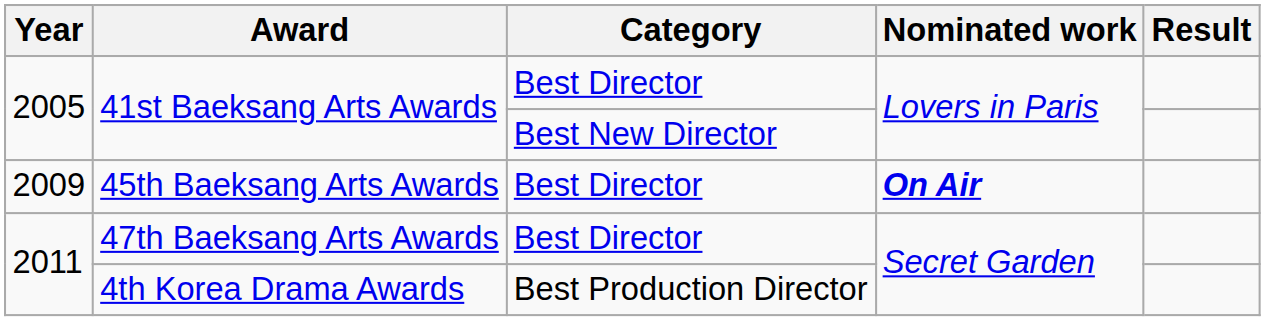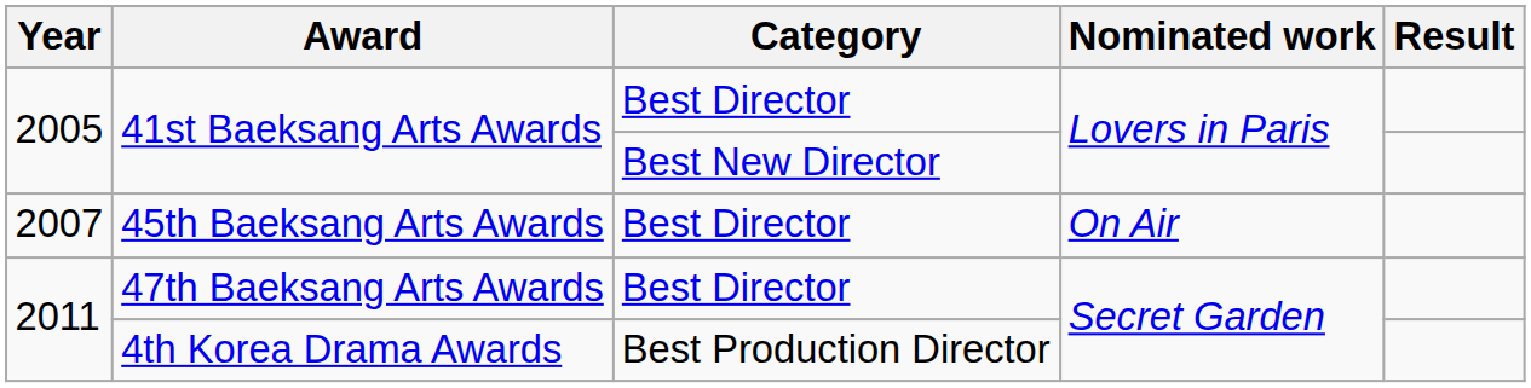 <table class="wikitable">
 <tr>
 <th>Year</th>
 <th>Award</th>
 <th>Category</th>
 <th>Nominated work</th>
 <th>Result</th>
 </tr>
 <tr>
 <td rowspan="2">2005</td>
 <td rowspan="2"><a href='#'>41st Baeksang Arts Awards</a></td>
 <td><a href='#'>Best Director</a></td>
 <td rowspan="2"><em><a href='#'>Lovers in Paris</a></em></td>
 <td></td>
 </tr>
 <tr>
 <td><a href='#'>Best New Director</a></td>
 <td></td>
 </tr>
 <tr>
-<td>2009</td>
+<td>2007</td>
 <td><a href='#'>45th Baeksang Arts Awards</a></td>
 <td><a href='#'>Best Director</a></td>
-<td><strong><em><a href='#'>On Air</a></em></strong></td>
+<td><em><a href='#'>On Air</a></em></td>
 <td></td>
 </tr>
 <tr>
 <td rowspan="2">2011</td>
 <td><a href='#'>47th Baeksang Arts Awards</a></td>
 <td><a href='#'>Best Director</a></td>
 <td rowspan="2"><em><a href='#'>Secret Garden</a></em></td>
 <td></td>
 </tr>
 <tr>
 <td><a href='#'>4th Korea Drama Awards</a></td>
 <td>Best Production Director</td>
 <td></td>
 </tr>
 </table>
